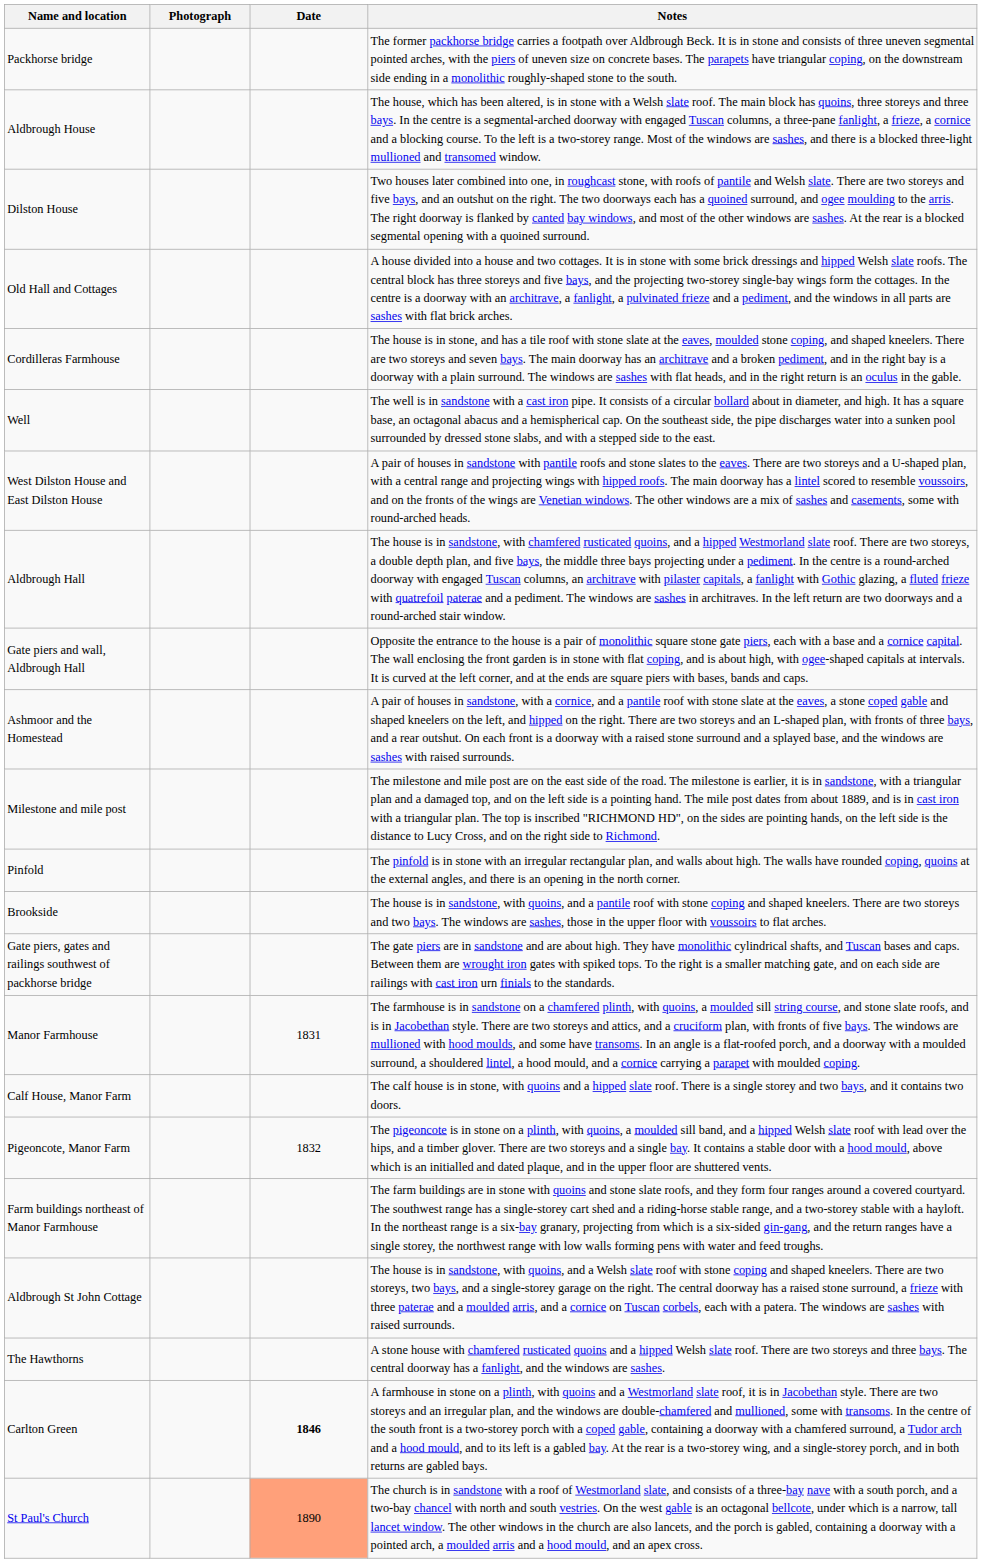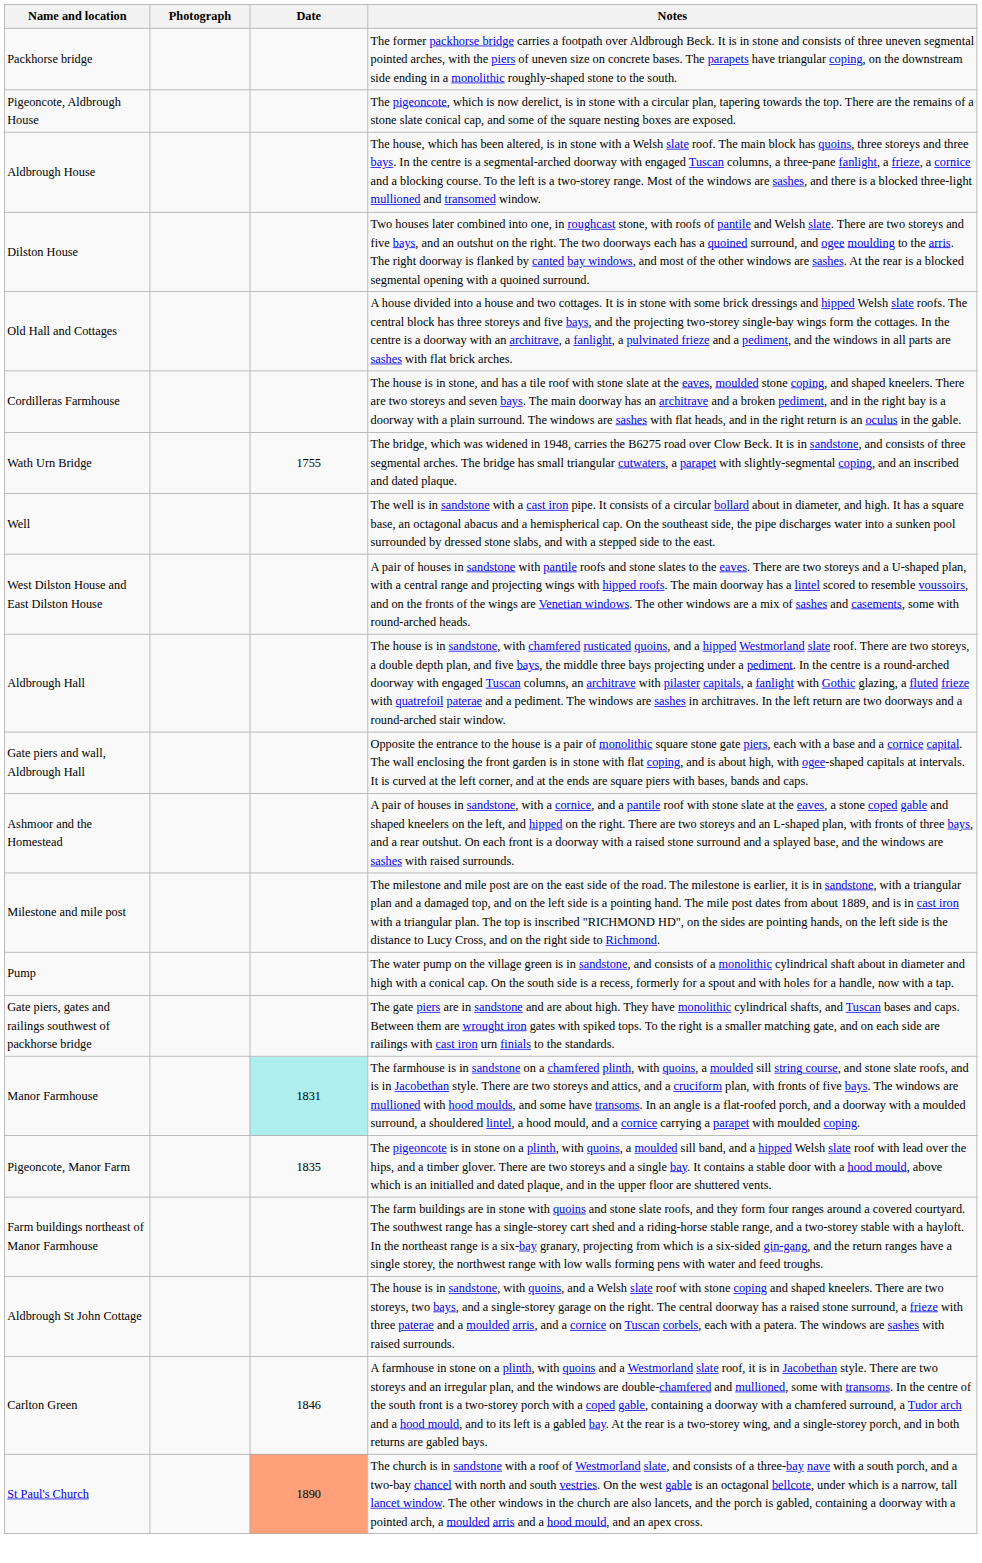 <table class="wikitable sortable plainrowheaders" style="width:100%;border:0px;text-align:left;line-height:150%;">
 <tr>
 <th scope="col"  style="width:150px">Name and location</th>
 <th scope="col"  style="width:100px" class="unsortable">Photograph</th>
 <th scope="col"  style="width:120px">Date</th>
 <th scope="col"  style="width:650px" class="unsortable">Notes</th>
 </tr>
 <tr>
 <td>Packhorse bridge<br><small></small></td>
 <td></td>
 <td align="center"></td>
 <td>The former <a href='#'>packhorse bridge</a> carries a footpath over Aldbrough Beck.  It is in stone and consists of three uneven segmental pointed arches, with the <a href='#'>piers</a> of uneven size on concrete bases.  The <a href='#'>parapets</a> have triangular <a href='#'>coping</a>, on the downstream side ending in a <a href='#'>monolithic</a> roughly-shaped stone to the south.</td>
+</tr>
+<tr>
+<td>Pigeoncote, Aldbrough House<br><small></small></td>
+<td></td>
+<td align="center"></td>
+<td>The <a href='#'>pigeoncote</a>, which is now derelict, is in stone with a circular plan, tapering towards the top.  There are the remains of a stone slate conical cap, and some of the square nesting boxes are exposed.</td>
 </tr>
 <tr>
 <td>Aldbrough House<br><small></small></td>
 <td></td>
 <td align="center"></td>
 <td>The house, which has been altered, is in stone with a Welsh <a href='#'>slate</a> roof.  The main block has <a href='#'>quoins</a>, three storeys and three <a href='#'>bays</a>.  In the centre is a segmental-arched doorway with engaged <a href='#'>Tuscan</a> columns, a three-pane <a href='#'>fanlight</a>, a <a href='#'>frieze</a>, a <a href='#'>cornice</a> and a blocking course.  To the left is a two-storey range.  Most of the windows are <a href='#'>sashes</a>, and there is a blocked three-light <a href='#'>mullioned</a> and <a href='#'>transomed</a> window.</td>
 </tr>
 <tr>
 <td>Dilston House<br><small></small></td>
 <td></td>
 <td align="center"></td>
 <td>Two houses later combined into one, in <a href='#'>roughcast</a> stone, with roofs of <a href='#'>pantile</a> and Welsh <a href='#'>slate</a>.  There are two storeys and five <a href='#'>bays</a>, and an outshut on the right.  The two doorways each has a <a href='#'>quoined</a> surround, and <a href='#'>ogee</a> <a href='#'>moulding</a> to the <a href='#'>arris</a>.  The right doorway is flanked by <a href='#'>canted</a> <a href='#'>bay windows</a>, and most of the other windows are <a href='#'>sashes</a>.  At the rear is a blocked segmental opening with a quoined surround.</td>
 </tr>
 <tr>
 <td>Old Hall and Cottages<br><small></small></td>
 <td></td>
 <td align="center"></td>
 <td>A house divided into a house and two cottages.  It is in stone with some brick dressings and <a href='#'>hipped</a> Welsh <a href='#'>slate</a> roofs.  The central block has three storeys and five <a href='#'>bays</a>, and the projecting two-storey single-bay wings form the cottages.  In the centre is a doorway with an <a href='#'>architrave</a>, a <a href='#'>fanlight</a>, a <a href='#'>pulvinated frieze</a> and a <a href='#'>pediment</a>, and the windows in all parts are <a href='#'>sashes</a> with flat brick arches.</td>
 </tr>
 <tr>
 <td>Cordilleras Farmhouse<br><small></small></td>
 <td></td>
 <td align="center"></td>
 <td>The house is in stone, and has a tile roof with stone slate at the <a href='#'>eaves</a>, <a href='#'>moulded</a> stone <a href='#'>coping</a>, and shaped kneelers.  There are two storeys and seven <a href='#'>bays</a>.  The main doorway has an <a href='#'>architrave</a> and a broken <a href='#'>pediment</a>, and in the right bay is a doorway with a plain surround.  The windows are <a href='#'>sashes</a> with flat heads, and in the right return is an <a href='#'>oculus</a> in the gable.</td>
+</tr>
+<tr>
+<td>Wath Urn Bridge<br><small></small></td>
+<td></td>
+<td align="center">1755</td>
+<td>The bridge, which was widened in 1948, carries the B6275 road over Clow Beck. It is in <a href='#'>sandstone</a>, and consists of three segmental arches. The bridge has small triangular <a href='#'>cutwaters</a>, a <a href='#'>parapet</a> with slightly-segmental <a href='#'>coping</a>, and an inscribed and dated plaque.</td>
 </tr>
 <tr>
 <td>Well<br><small></small></td>
 <td></td>
 <td align="center"></td>
 <td>The well is in <a href='#'>sandstone</a> with a <a href='#'>cast iron</a> pipe.  It consists of a circular <a href='#'>bollard</a> about  in diameter, and  high.  It has a square base, an octagonal abacus and a hemispherical cap.  On the southeast side, the pipe discharges water into a sunken pool surrounded by dressed stone slabs, and with a stepped side to the east.</td>
 </tr>
 <tr>
 <td>West Dilston House and East Dilston House<br><small></small></td>
 <td></td>
 <td align="center"></td>
 <td>A pair of houses in <a href='#'>sandstone</a> with <a href='#'>pantile</a> roofs and stone slates to the <a href='#'>eaves</a>.  There are two storeys and a U-shaped plan, with a central range and projecting wings with <a href='#'>hipped roofs</a>.  The main doorway has a <a href='#'>lintel</a> scored to resemble <a href='#'>voussoirs</a>, and on the fronts of the wings are <a href='#'>Venetian windows</a>.  The other windows are a mix of <a href='#'>sashes</a> and <a href='#'>casements</a>, some with round-arched heads.</td>
 </tr>
 <tr>
 <td>Aldbrough Hall<br><small></small></td>
 <td></td>
 <td align="center"></td>
 <td>The house is in <a href='#'>sandstone</a>, with <a href='#'>chamfered</a> <a href='#'>rusticated</a> <a href='#'>quoins</a>, and a <a href='#'>hipped</a> <a href='#'>Westmorland</a> <a href='#'>slate</a> roof.  There are two storeys, a double depth plan, and five <a href='#'>bays</a>, the middle three bays projecting under a <a href='#'>pediment</a>.  In the centre is a round-arched doorway with engaged <a href='#'>Tuscan</a> columns, an <a href='#'>architrave</a> with <a href='#'>pilaster</a> <a href='#'>capitals</a>, a <a href='#'>fanlight</a> with <a href='#'>Gothic</a> glazing, a <a href='#'>fluted</a> <a href='#'>frieze</a> with <a href='#'>quatrefoil</a> <a href='#'>paterae</a> and a pediment.  The windows are <a href='#'>sashes</a> in architraves.  In the left return are two doorways and a round-arched stair window.</td>
 </tr>
 <tr>
 <td>Gate piers and wall, Aldbrough Hall<br><small></small></td>
 <td></td>
 <td align="center"></td>
 <td>Opposite the entrance to the house is a pair of <a href='#'>monolithic</a> square stone gate <a href='#'>piers</a>, each with a base and a <a href='#'>cornice</a> <a href='#'>capital</a>.  The wall enclosing the front garden is in stone with flat <a href='#'>coping</a>, and is about  high, with <a href='#'>ogee</a>-shaped capitals at intervals.  It is curved at the left corner, and at the ends are square piers with bases, bands and caps.</td>
 </tr>
 <tr>
 <td>Ashmoor and the Homestead<br><small></small></td>
 <td></td>
 <td align="center"></td>
 <td>A pair of houses in <a href='#'>sandstone</a>, with a <a href='#'>cornice</a>, and a <a href='#'>pantile</a> roof with stone slate at the <a href='#'>eaves</a>, a stone <a href='#'>coped</a> <a href='#'>gable</a> and shaped kneelers on the left, and <a href='#'>hipped</a> on the right.  There are two storeys and an L-shaped plan, with fronts of three <a href='#'>bays</a>, and a rear outshut.  On each front is a doorway with a raised stone surround and a splayed base, and the windows are <a href='#'>sashes</a> with raised surrounds.</td>
 </tr>
 <tr>
 <td>Milestone and mile post<br><small></small></td>
 <td></td>
 <td align="center"></td>
 <td>The milestone and mile post are on the east side of the road.  The milestone is earlier, it is in <a href='#'>sandstone</a>, with a triangular plan and a damaged top, and on the left side is a pointing hand.  The mile post dates from about 1889, and is in <a href='#'>cast iron</a> with a triangular plan.  The top is inscribed "RICHMOND HD", on the sides are pointing hands, on the left side is the distance to Lucy Cross, and on the right side to <a href='#'>Richmond</a>.</td>
 </tr>
 <tr>
-<td>Pinfold<br><small></small></td>
+<td>Pump<br><small></small></td>
 <td></td>
 <td align="center"></td>
-<td>The <a href='#'>pinfold</a> is in stone with an irregular rectangular plan, and walls about  high.  The walls have rounded <a href='#'>coping</a>, <a href='#'>quoins</a> at the external angles, and there is an opening in the north corner.</td>
-</tr>
-<tr>
-<td>Brookside<br><small></small></td>
-<td></td>
-<td align="center"></td>
-<td>The house is in <a href='#'>sandstone</a>, with <a href='#'>quoins</a>, and a <a href='#'>pantile</a> roof with stone <a href='#'>coping</a> and shaped kneelers.  There are two storeys and two <a href='#'>bays</a>.  The windows are <a href='#'>sashes</a>, those in the upper floor with <a href='#'>voussoirs</a> to flat arches.</td>
+<td>The water pump on the village green is in <a href='#'>sandstone</a>, and consists of a <a href='#'>monolithic</a> cylindrical shaft about  in diameter and  high with a conical cap.  On the south side is a recess, formerly for a spout and with holes for a handle, now with a tap.</td>
 </tr>
 <tr>
 <td>Gate piers, gates and railings southwest of packhorse bridge<br><small></small></td>
 <td></td>
 <td align="center"></td>
 <td>The gate <a href='#'>piers</a> are in <a href='#'>sandstone</a> and are about  high.  They have <a href='#'>monolithic</a> cylindrical shafts, and <a href='#'>Tuscan</a> bases and caps.  Between them are <a href='#'>wrought iron</a> gates with spiked tops.  To the right is a smaller matching gate, and on each side are railings with <a href='#'>cast iron</a> urn <a href='#'>finials</a> to the standards.</td>
 </tr>
 <tr>
 <td>Manor Farmhouse<br><small></small></td>
 <td></td>
-<td align="center">1831</td>
+<td align="center" style="background: paleturquoise;">1831</td>
 <td>The farmhouse is in <a href='#'>sandstone</a> on a <a href='#'>chamfered</a> <a href='#'>plinth</a>, with <a href='#'>quoins</a>, a <a href='#'>moulded</a> sill <a href='#'>string course</a>, and stone slate roofs, and is in <a href='#'>Jacobethan</a> style.  There are two storeys and attics, and a <a href='#'>cruciform</a> plan, with fronts of five <a href='#'>bays</a>.  The windows are <a href='#'>mullioned</a> with <a href='#'>hood moulds</a>, and some have <a href='#'>transoms</a>.  In an angle is a flat-roofed porch, and a doorway with a moulded surround, a shouldered <a href='#'>lintel</a>, a hood mould, and a <a href='#'>cornice</a> carrying a <a href='#'>parapet</a> with moulded <a href='#'>coping</a>.</td>
-</tr>
-<tr>
-<td>Calf House, Manor Farm<br><small></small></td>
-<td></td>
-<td align="center"></td>
-<td>The calf house is in stone, with <a href='#'>quoins</a> and a <a href='#'>hipped</a> <a href='#'>slate</a> roof.  There is a single storey and two <a href='#'>bays</a>, and it contains two doors.</td>
 </tr>
 <tr>
 <td>Pigeoncote, Manor Farm<br><small></small></td>
 <td></td>
-<td align="center">1832</td>
+<td align="center">1835</td>
 <td>The <a href='#'>pigeoncote</a> is in stone on a <a href='#'>plinth</a>, with <a href='#'>quoins</a>, a <a href='#'>moulded</a> sill band, and a <a href='#'>hipped</a> Welsh <a href='#'>slate</a> roof with lead over the hips, and a timber glover.  There are two storeys and a single <a href='#'>bay</a>.  It contains a stable door with a <a href='#'>hood mould</a>, above which is an initialled and dated plaque, and in the upper floor are shuttered vents.</td>
 </tr>
 <tr>
 <td>Farm buildings northeast of Manor Farmhouse<br><small></small></td>
 <td></td>
 <td align="center"></td>
 <td>The farm buildings are in stone with <a href='#'>quoins</a> and stone slate roofs, and they form four ranges around a covered courtyard.  The southwest range has a single-storey cart shed and a riding-horse stable range, and a two-storey stable with a hayloft.  In the northeast range is a six-<a href='#'>bay</a> granary, projecting from which is a six-sided <a href='#'>gin-gang</a>, and the return ranges have a single storey, the northwest range with low walls forming pens with water and feed troughs.</td>
 </tr>
 <tr>
 <td>Aldbrough St John Cottage<br><small></small></td>
 <td></td>
 <td align="center"></td>
 <td>The house is in <a href='#'>sandstone</a>, with <a href='#'>quoins</a>, and a Welsh <a href='#'>slate</a> roof with stone <a href='#'>coping</a> and shaped kneelers.  There are two storeys, two <a href='#'>bays</a>, and a single-storey garage on the right.  The central doorway has a raised stone surround, a <a href='#'>frieze</a> with three <a href='#'>paterae</a> and a <a href='#'>moulded</a> <a href='#'>arris</a>, and a <a href='#'>cornice</a> on <a href='#'>Tuscan</a> <a href='#'>corbels</a>, each with a patera.  The windows are <a href='#'>sashes</a> with raised surrounds.</td>
 </tr>
 <tr>
-<td>The Hawthorns<br><small></small></td>
-<td></td>
-<td align="center"></td>
-<td>A stone house with <a href='#'>chamfered</a> <a href='#'>rusticated</a> <a href='#'>quoins</a> and a <a href='#'>hipped</a> Welsh <a href='#'>slate</a> roof.  There are two storeys and three <a href='#'>bays</a>.  The central doorway has a <a href='#'>fanlight</a>, and the windows are <a href='#'>sashes</a>.</td>
-</tr>
-<tr>
 <td>Carlton Green<br><small></small></td>
 <td></td>
-<td align="center"><strong>1846</strong></td>
+<td align="center">1846</td>
 <td>A farmhouse in stone on a <a href='#'>plinth</a>, with <a href='#'>quoins</a> and a <a href='#'>Westmorland</a> <a href='#'>slate</a> roof, it is in <a href='#'>Jacobethan</a> style.  There are two storeys and an irregular plan, and the windows are double-<a href='#'>chamfered</a> and <a href='#'>mullioned</a>, some with <a href='#'>transoms</a>.  In the centre of the south front is a two-storey porch with a <a href='#'>coped</a> <a href='#'>gable</a>, containing a doorway with a chamfered surround, a <a href='#'>Tudor arch</a> and a <a href='#'>hood mould</a>, and to its left is a gabled <a href='#'>bay</a>.  At the rear is a two-storey wing, and a single-storey porch, and in both returns are gabled bays.</td>
 </tr>
 <tr>
 <td><a href='#'>St Paul's Church</a><br><small></small></td>
 <td></td>
 <td align="center" style="background: lightsalmon;">1890</td>
 <td>The church is in <a href='#'>sandstone</a> with a roof of <a href='#'>Westmorland</a> <a href='#'>slate</a>, and consists of a three-<a href='#'>bay</a> <a href='#'>nave</a> with a south porch, and a two-bay <a href='#'>chancel</a> with north and south <a href='#'>vestries</a>.  On the west <a href='#'>gable</a> is an octagonal <a href='#'>bellcote</a>, under which is a narrow, tall <a href='#'>lancet window</a>.  The other windows in the church are also lancets, and the porch is gabled, containing a doorway with a pointed arch, a <a href='#'>moulded</a> <a href='#'>arris</a> and a <a href='#'>hood mould</a>, and an apex cross.</td>
 </tr>
 <tr>
 </tr>
 </table>
